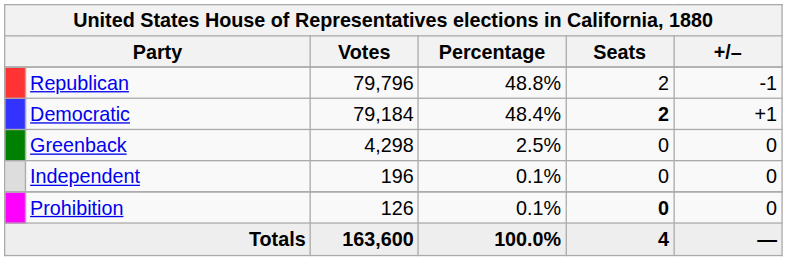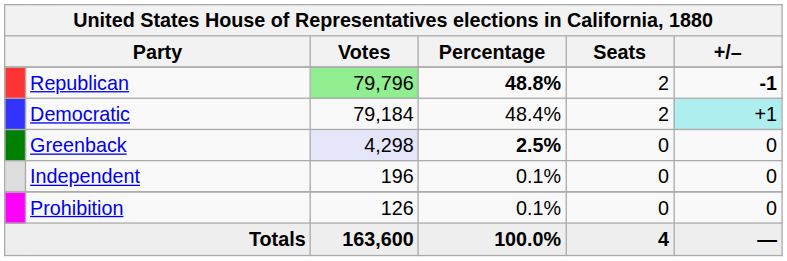 <table class="wikitable" style="font-size: 95%;">
 <tr>
 <th colspan="6">United States House of Representatives elections in California, 1880</th>
 </tr>
 <tr>
 <th colspan=2 style="width: 15em">Party</th>
 <th style="width: 5em">Votes</th>
 <th style="width: 7em">Percentage</th>
 <th style="width: 5em">Seats</th>
 <th style="width: 5em">+/–</th>
 </tr>
 <tr>
 </tr>
 <tr>
 <th style="background-color:#FF3333; width: 3px"></th>
 <td style="width: 130px"><a href='#'>Republican</a></td>
-<td style="text-align:right;">79,796</td>
-<td style="text-align:right;">48.8%</td>
+<td style="background: lightgreen; text-align:right;">79,796</td>
+<td style="text-align:right;"><strong>48.8%</strong></td>
 <td style="text-align:right;">2</td>
-<td style="text-align:right;">-1</td>
+<td style="text-align:right;"><strong>-1</strong></td>
 </tr>
 <tr>
 <th style="background-color:#3333FF; width: 3px"></th>
 <td style="width: 130px"><a href='#'>Democratic</a></td>
 <td style="text-align:right;">79,184</td>
 <td style="text-align:right;">48.4%</td>
-<td style="text-align:right;"><strong>2</strong></td>
-<td style="text-align:right;">+1</td>
+<td style="text-align:right;">2</td>
+<td style="background: paleturquoise; text-align:right;">+1</td>
 </tr>
 <tr>
 <th style="background-color:#008000; width: 3px"></th>
 <td style="width: 130px"><a href='#'>Greenback</a></td>
-<td style="text-align:right;">4,298</td>
-<td style="text-align:right;">2.5%</td>
+<td style="background: lavender; text-align:right;">4,298</td>
+<td style="text-align:right;"><strong>2.5%</strong></td>
 <td style="text-align:right;">0</td>
 <td style="text-align:right;">0</td>
 </tr>
 <tr>
 <th style="background-color:#DDDDDD; width: 3px"></th>
 <td style="width: 130px"><a href='#'>Independent</a></td>
 <td style="text-align:right;">196</td>
 <td style="text-align:right;">0.1%</td>
 <td style="text-align:right;">0</td>
 <td style="text-align:right;">0</td>
 </tr>
 <tr>
 </tr>
 <tr>
 <th style="background-color:#FF00FF; width: 3px"></th>
 <td style="width: 130px"><a href='#'>Prohibition</a></td>
 <td style="text-align:right;">126</td>
 <td style="text-align:right;">0.1%</td>
-<td style="text-align:right;"><strong>0</strong></td>
+<td style="text-align:right;">0</td>
 <td style="text-align:right;">0</td>
 </tr>
 <tr style="background-color:#EEEEEE;">
 <td colspan="2" align="right"><strong>Totals</strong></td>
 <td style="text-align:right;"><strong>163,600</strong></td>
 <td style="text-align:right;"><strong>100.0%</strong></td>
 <td style="text-align:right;"><strong>4</strong></td>
 <td style="text-align:right;"><strong>—</strong></td>
 </tr>
 </table>
